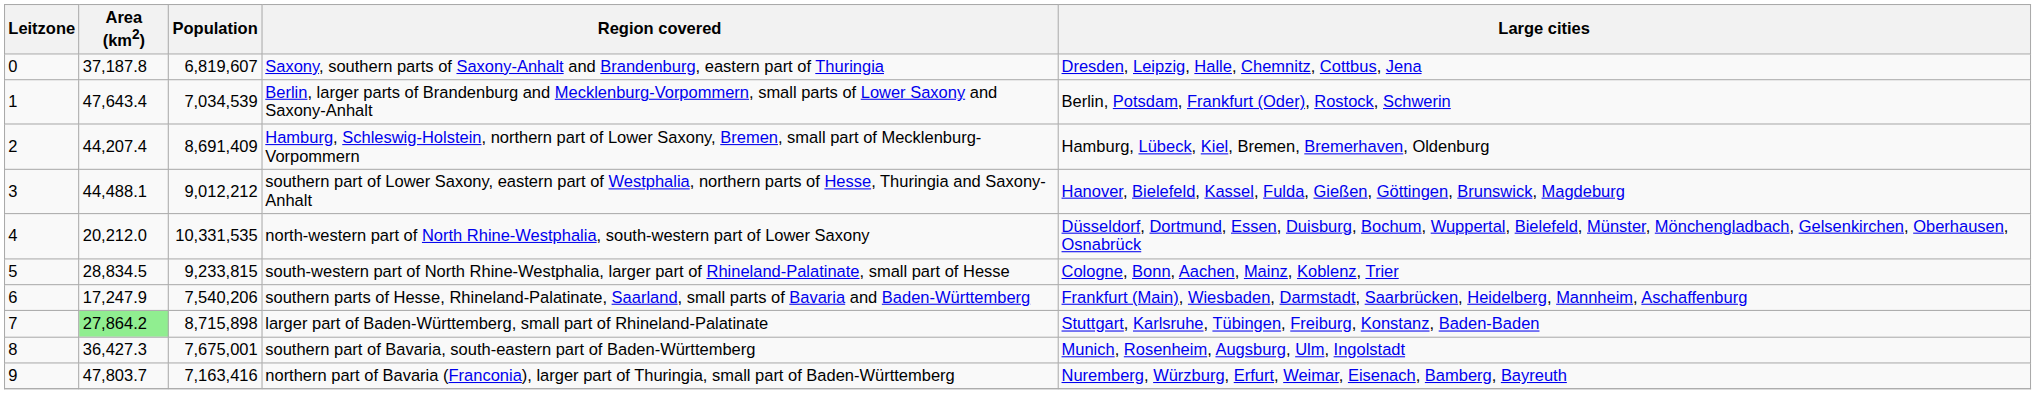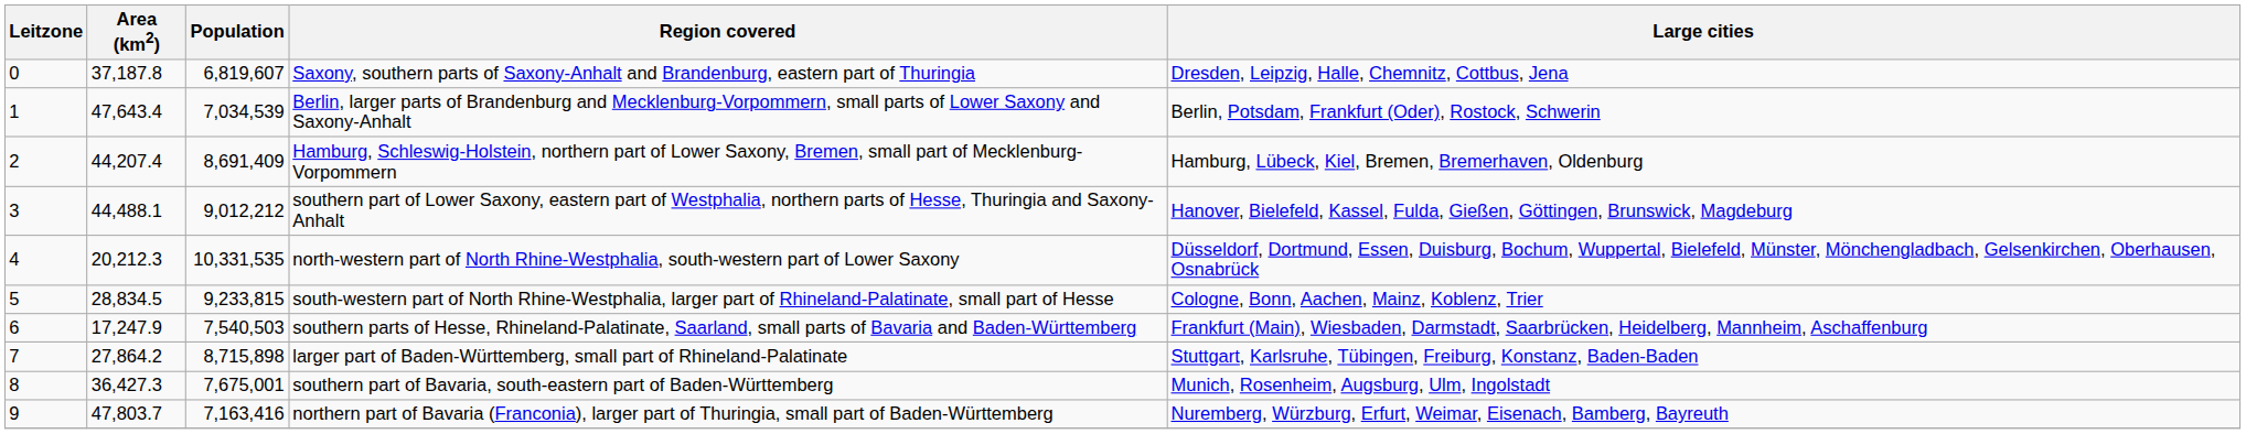 <table class="wikitable sortable">
 <tr>
 <th>Leitzone</th>
 <th>Area (km<sup>2</sup>)</th>
 <th>Population</th>
 <th>Region covered</th>
 <th>Large cities</th>
 </tr>
 <tr>
 <td>0</td>
 <td>37,187.8</td>
 <td align="right">6,819,607</td>
 <td><a href='#'>Saxony</a>, southern parts of <a href='#'>Saxony-Anhalt</a> and <a href='#'>Brandenburg</a>, eastern part of <a href='#'>Thuringia</a></td>
 <td><a href='#'>Dresden</a>, <a href='#'>Leipzig</a>, <a href='#'>Halle</a>, <a href='#'>Chemnitz</a>, <a href='#'>Cottbus</a>, <a href='#'>Jena</a></td>
 </tr>
 <tr>
 <td>1</td>
 <td>47,643.4</td>
 <td align="right">7,034,539</td>
 <td><a href='#'>Berlin</a>, larger parts of Brandenburg and <a href='#'>Mecklenburg-Vorpommern</a>, small parts of <a href='#'>Lower Saxony</a> and Saxony-Anhalt</td>
 <td>Berlin, <a href='#'>Potsdam</a>, <a href='#'>Frankfurt (Oder)</a>, <a href='#'>Rostock</a>, <a href='#'>Schwerin</a></td>
 </tr>
 <tr>
 <td>2</td>
 <td>44,207.4</td>
 <td align="right">8,691,409</td>
 <td><a href='#'>Hamburg</a>, <a href='#'>Schleswig-Holstein</a>, northern part of Lower Saxony, <a href='#'>Bremen</a>, small part of Mecklenburg-Vorpommern</td>
 <td>Hamburg, <a href='#'>Lübeck</a>, <a href='#'>Kiel</a>, Bremen, <a href='#'>Bremerhaven</a>, Oldenburg</td>
 </tr>
 <tr>
 <td>3</td>
 <td>44,488.1</td>
 <td align="right">9,012,212</td>
 <td>southern part of Lower Saxony, eastern part of <a href='#'>Westphalia</a>, northern parts of <a href='#'>Hesse</a>, Thuringia and Saxony-Anhalt</td>
 <td><a href='#'>Hanover</a>, <a href='#'>Bielefeld</a>, <a href='#'>Kassel</a>, <a href='#'>Fulda</a>, <a href='#'>Gießen</a>, <a href='#'>Göttingen</a>, <a href='#'>Brunswick</a>, <a href='#'>Magdeburg</a></td>
 </tr>
 <tr>
 <td>4</td>
-<td>20,212.0</td>
+<td>20,212.3</td>
 <td align="right">10,331,535</td>
 <td>north-western part of <a href='#'>North Rhine-Westphalia</a>, south-western part of Lower Saxony</td>
 <td><a href='#'>Düsseldorf</a>, <a href='#'>Dortmund</a>, <a href='#'>Essen</a>, <a href='#'>Duisburg</a>, <a href='#'>Bochum</a>, <a href='#'>Wuppertal</a>, <a href='#'>Bielefeld</a>, <a href='#'>Münster</a>, <a href='#'>Mönchengladbach</a>, <a href='#'>Gelsenkirchen</a>, <a href='#'>Oberhausen</a>, <a href='#'>Osnabrück</a></td>
 </tr>
 <tr>
 <td>5</td>
 <td>28,834.5</td>
 <td align="right">9,233,815</td>
 <td>south-western part of North Rhine-Westphalia, larger part of <a href='#'>Rhineland-Palatinate</a>, small part of Hesse</td>
 <td><a href='#'>Cologne</a>, <a href='#'>Bonn</a>, <a href='#'>Aachen</a>, <a href='#'>Mainz</a>, <a href='#'>Koblenz</a>, <a href='#'>Trier</a></td>
 </tr>
 <tr>
 <td>6</td>
 <td>17,247.9</td>
-<td align="right">7,540,206</td>
+<td align="right">7,540,503</td>
 <td>southern parts of Hesse, Rhineland-Palatinate, <a href='#'>Saarland</a>, small parts of <a href='#'>Bavaria</a> and <a href='#'>Baden-Württemberg</a></td>
 <td><a href='#'>Frankfurt (Main)</a>, <a href='#'>Wiesbaden</a>, <a href='#'>Darmstadt</a>, <a href='#'>Saarbrücken</a>, <a href='#'>Heidelberg</a>, <a href='#'>Mannheim</a>, <a href='#'>Aschaffenburg</a></td>
 </tr>
 <tr>
 <td>7</td>
-<td style="background: lightgreen;">27,864.2</td>
+<td>27,864.2</td>
 <td align="right">8,715,898</td>
 <td>larger part of Baden-Württemberg, small part of Rhineland-Palatinate</td>
 <td><a href='#'>Stuttgart</a>, <a href='#'>Karlsruhe</a>, <a href='#'>Tübingen</a>, <a href='#'>Freiburg</a>, <a href='#'>Konstanz</a>, <a href='#'>Baden-Baden</a></td>
 </tr>
 <tr>
 <td>8</td>
 <td>36,427.3</td>
 <td align="right">7,675,001</td>
 <td>southern part of Bavaria, south-eastern part of Baden-Württemberg</td>
 <td><a href='#'>Munich</a>, <a href='#'>Rosenheim</a>, <a href='#'>Augsburg</a>, <a href='#'>Ulm</a>, <a href='#'>Ingolstadt</a></td>
 </tr>
 <tr>
 <td>9</td>
 <td>47,803.7</td>
 <td align="right">7,163,416</td>
 <td>northern part of Bavaria (<a href='#'>Franconia</a>), larger part of Thuringia, small part of Baden-Württemberg</td>
 <td><a href='#'>Nuremberg</a>, <a href='#'>Würzburg</a>, <a href='#'>Erfurt</a>, <a href='#'>Weimar</a>, <a href='#'>Eisenach</a>, <a href='#'>Bamberg</a>, <a href='#'>Bayreuth</a></td>
 </tr>
 <tr>
 </tr>
 </table>
